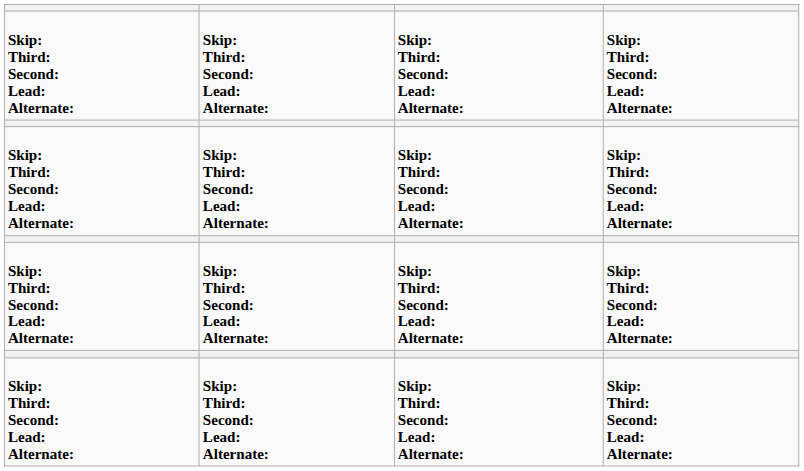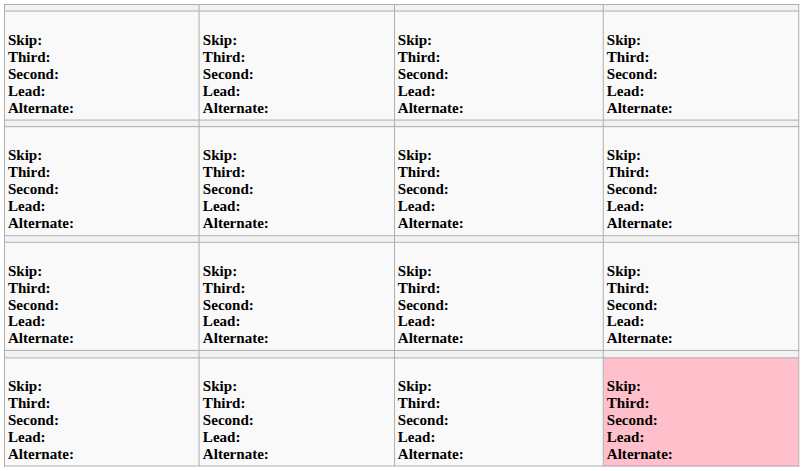 <table class="wikitable">
 <tr>
 <th width=200></th>
 <th width=200></th>
 <th width=215></th>
 <th width=200></th>
 </tr>
 <tr>
 <td><br><strong>Skip:</strong> <br> <strong>Third:</strong> <br> <strong>Second:</strong> <br> <strong>Lead:</strong> <br> <strong>Alternate:</strong></td>
 <td><br><strong>Skip:</strong> <br> <strong>Third:</strong> <br> <strong>Second:</strong> <br> <strong>Lead:</strong> <br> <strong>Alternate:</strong></td>
 <td><br><strong>Skip:</strong> <br> <strong>Third:</strong> <br> <strong>Second:</strong> <br> <strong>Lead:</strong> <br> <strong>Alternate:</strong></td>
 <td><br><strong>Skip:</strong> <br> <strong>Third:</strong> <br> <strong>Second:</strong> <br> <strong>Lead:</strong> <br> <strong>Alternate:</strong></td>
 </tr>
 <tr>
 <th width=200></th>
 <th width=200></th>
 <th width=200></th>
 <th width=200></th>
 </tr>
 <tr>
 <td><br><strong>Skip:</strong> <br> <strong>Third:</strong> <br> <strong>Second:</strong> <br> <strong>Lead:</strong> <br> <strong>Alternate:</strong></td>
 <td><br><strong>Skip:</strong> <br> <strong>Third:</strong> <br> <strong>Second:</strong> <br> <strong>Lead:</strong> <br> <strong>Alternate:</strong></td>
 <td><br><strong>Skip:</strong> <br> <strong>Third:</strong> <br> <strong>Second:</strong> <br> <strong>Lead:</strong> <br> <strong>Alternate:</strong></td>
 <td><br><strong>Skip:</strong> <br> <strong>Third:</strong> <br> <strong>Second:</strong> <br> <strong>Lead:</strong> <br> <strong>Alternate:</strong></td>
 </tr>
 <tr>
 <th width=200></th>
 <th width=200></th>
 <th width=200></th>
 <th width=200></th>
 </tr>
 <tr>
 <td><br><strong>Skip:</strong> <br> <strong>Third:</strong> <br> <strong>Second:</strong> <br> <strong>Lead:</strong> <br> <strong>Alternate:</strong></td>
 <td><br><strong>Skip:</strong> <br> <strong>Third:</strong> <br> <strong>Second:</strong> <br> <strong>Lead:</strong> <br> <strong>Alternate:</strong></td>
 <td><br><strong>Skip:</strong> <br> <strong>Third:</strong> <br> <strong>Second:</strong> <br> <strong>Lead:</strong> <br> <strong>Alternate:</strong></td>
 <td><br><strong>Skip:</strong> <br> <strong>Third:</strong> <br> <strong>Second:</strong> <br> <strong>Lead:</strong> <br> <strong>Alternate:</strong></td>
 </tr>
 <tr>
 <th width=200></th>
 <th width=200></th>
 <th width=200></th>
 <th width=200></th>
 </tr>
 <tr>
 <td><br><strong>Skip:</strong> <br> <strong>Third:</strong> <br> <strong>Second:</strong> <br> <strong>Lead:</strong> <br> <strong>Alternate:</strong></td>
 <td><br><strong>Skip:</strong> <br> <strong>Third:</strong> <br> <strong>Second:</strong> <br> <strong>Lead:</strong> <br> <strong>Alternate:</strong></td>
 <td><br><strong>Skip:</strong> <br> <strong>Third:</strong> <br> <strong>Second:</strong> <br> <strong>Lead:</strong> <br> <strong>Alternate:</strong></td>
-<td><br><strong>Skip:</strong> <br> <strong>Third:</strong> <br> <strong>Second:</strong> <br> <strong>Lead:</strong> <br> <strong>Alternate:</strong></td>
+<td style="background: pink;"><br><strong>Skip:</strong> <br> <strong>Third:</strong> <br> <strong>Second:</strong> <br> <strong>Lead:</strong> <br> <strong>Alternate:</strong></td>
 </tr>
 </table>
